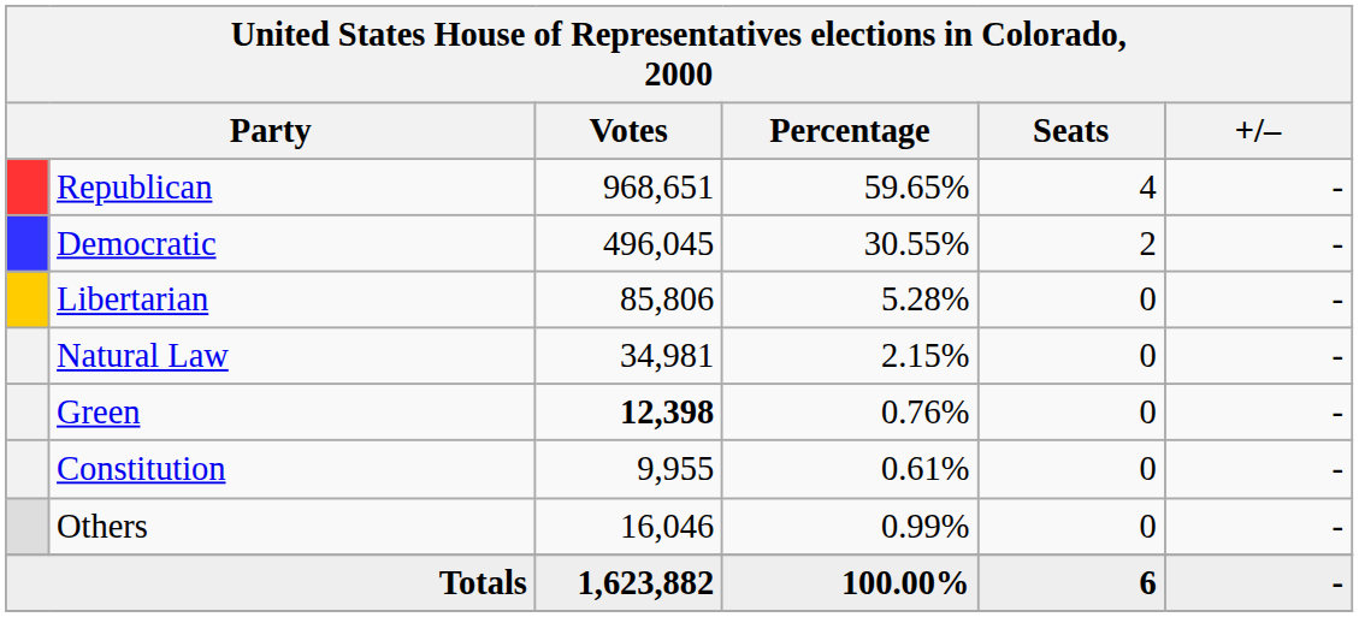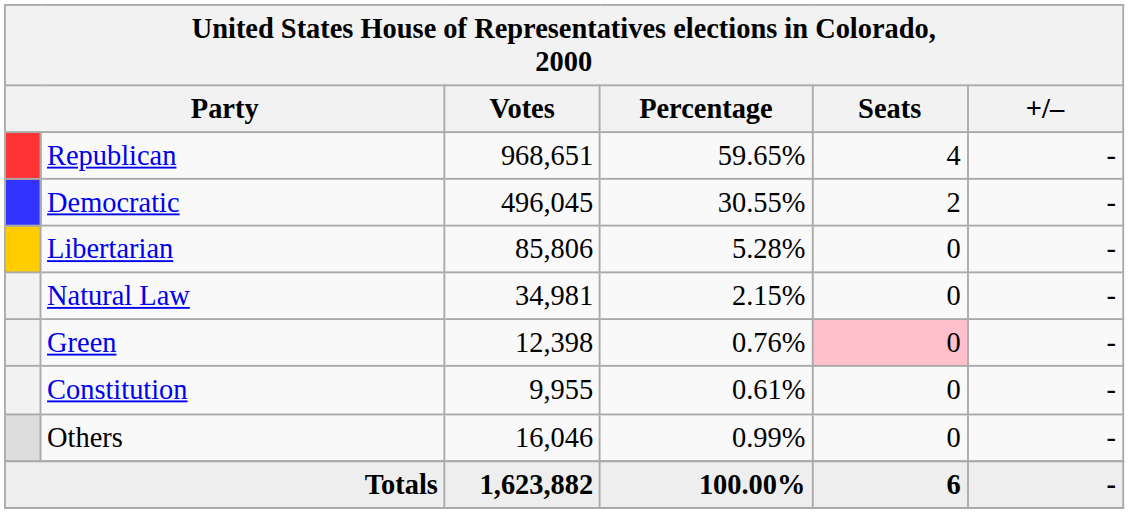 <table class="wikitable" style="font-size: 95%;">
 <tr>
 <th colspan="6">United States House of Representatives elections in Colorado,<br>2000</th>
 </tr>
 <tr>
 <th colspan=2 style="width: 15em">Party</th>
 <th style="width: 5em">Votes</th>
 <th style="width: 7em">Percentage</th>
 <th style="width: 5em">Seats</th>
 <th style="width: 5em">+/–</th>
 </tr>
 <tr>
 <th style="background-color:#FF3333; width: 5px"></th>
 <td style="width: 130px"><a href='#'>Republican</a></td>
 <td align="right">968,651</td>
 <td align="right">59.65%</td>
 <td align="right">4</td>
 <td align="right">-</td>
 </tr>
 <tr>
 <th style="background-color:#3333FF; width: 5px"></th>
 <td style="width: 130px"><a href='#'>Democratic</a></td>
 <td align="right">496,045</td>
 <td align="right">30.55%</td>
 <td align="right">2</td>
 <td align="right">-</td>
 </tr>
 <tr>
 <th style="background-color:#FFCC00; width: 5px"></th>
 <td style="width: 130px"><a href='#'>Libertarian</a></td>
 <td align="right">85,806</td>
 <td align="right">5.28%</td>
 <td align="right">0</td>
 <td align="right">-</td>
 </tr>
 <tr>
 <th style="background-color:"></th>
 <td style="width: 130px"><a href='#'>Natural Law</a></td>
 <td align="right">34,981</td>
 <td align="right">2.15%</td>
 <td align="right">0</td>
 <td align="right">-</td>
 </tr>
 <tr>
 <th style="background-color:"></th>
 <td style="width: 130px"><a href='#'>Green</a></td>
-<td align="right"><strong>12,398</strong></td>
+<td align="right">12,398</td>
 <td align="right">0.76%</td>
-<td align="right">0</td>
+<td align="right" style="background: pink;">0</td>
 <td align="right">-</td>
 </tr>
 <tr>
 <th style="background-color:"></th>
 <td style="width: 130px"><a href='#'>Constitution</a></td>
 <td align="right">9,955</td>
 <td align="right">0.61%</td>
 <td align="right">0</td>
 <td align="right">-</td>
 </tr>
 <tr>
 <th style="background-color:#DDDDDD; width: 3px"></th>
 <td style="width: 130px">Others</td>
 <td align="right">16,046</td>
 <td align="right">0.99%</td>
 <td align="right">0</td>
 <td align="right">-</td>
 </tr>
 <tr>
 </tr>
 <tr bgcolor="#EEEEEE">
 <td colspan="2" align="right"><strong>Totals</strong></td>
 <td align="right"><strong>1,623,882</strong></td>
 <td align="right"><strong>100.00%</strong></td>
 <td align="right"><strong>6</strong></td>
 <td align="right"><strong>-</strong></td>
 </tr>
 <tr bgcolor="#EEEEEE">
 </tr>
 </table>
